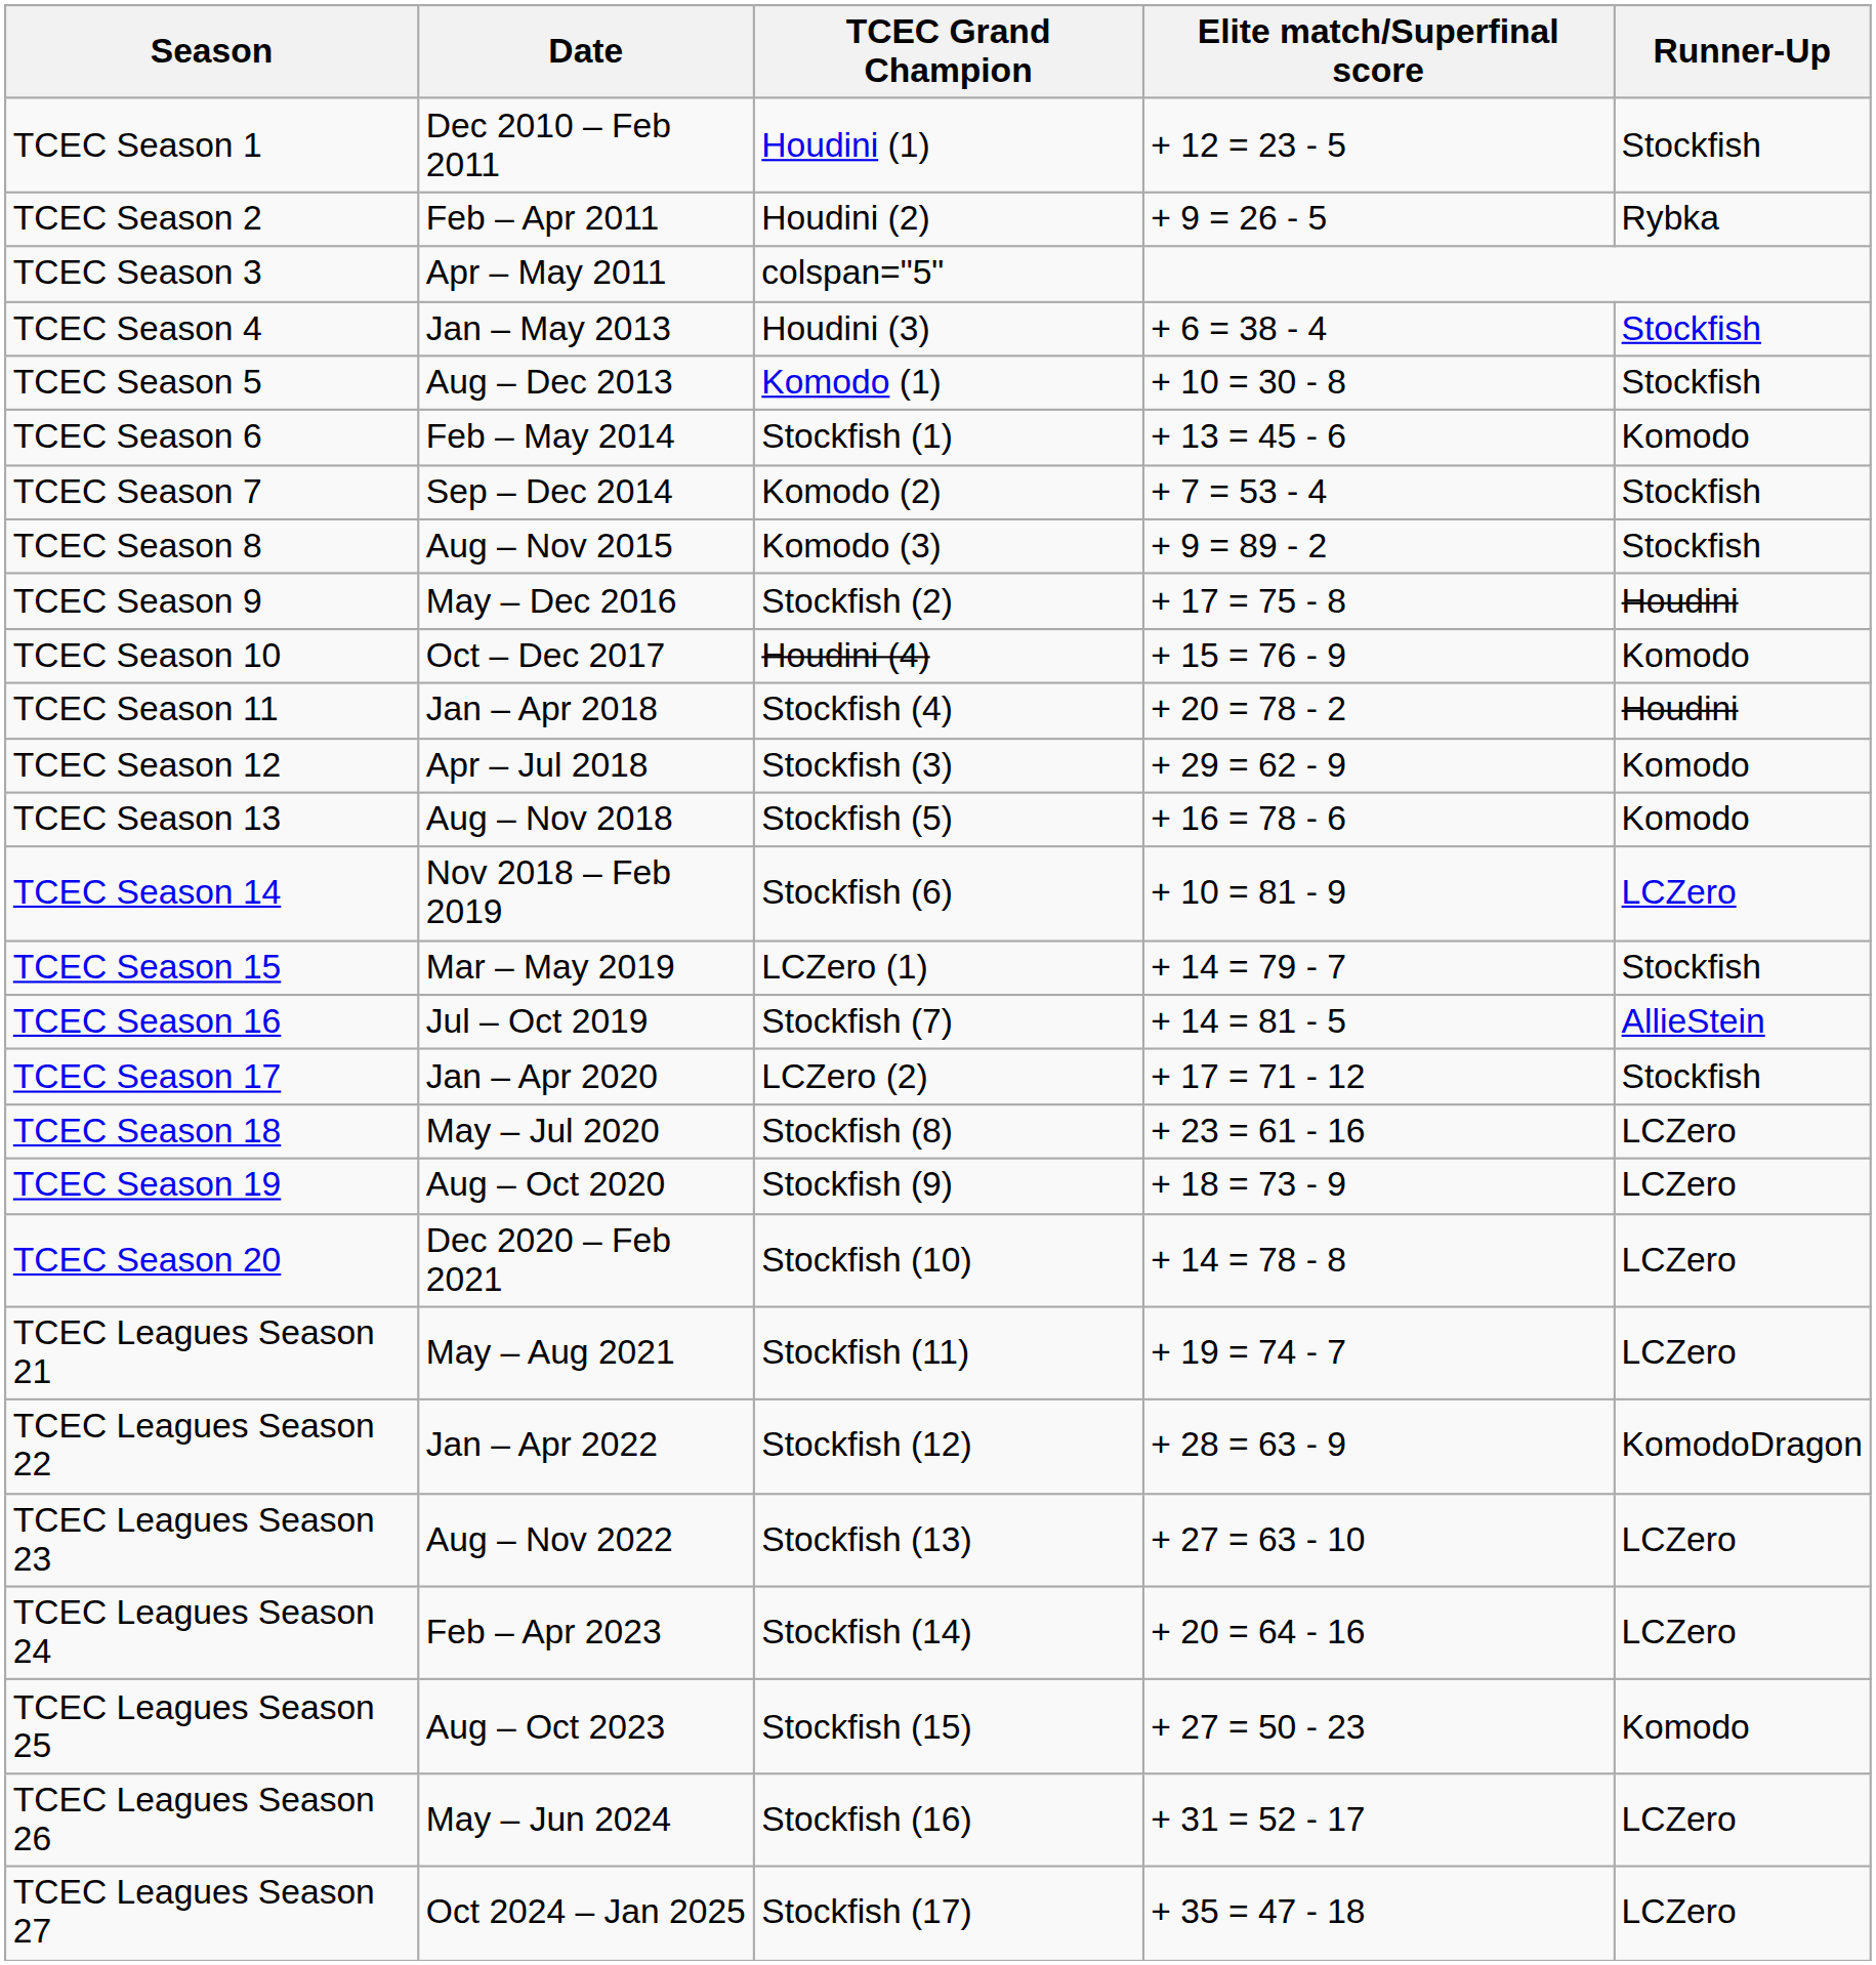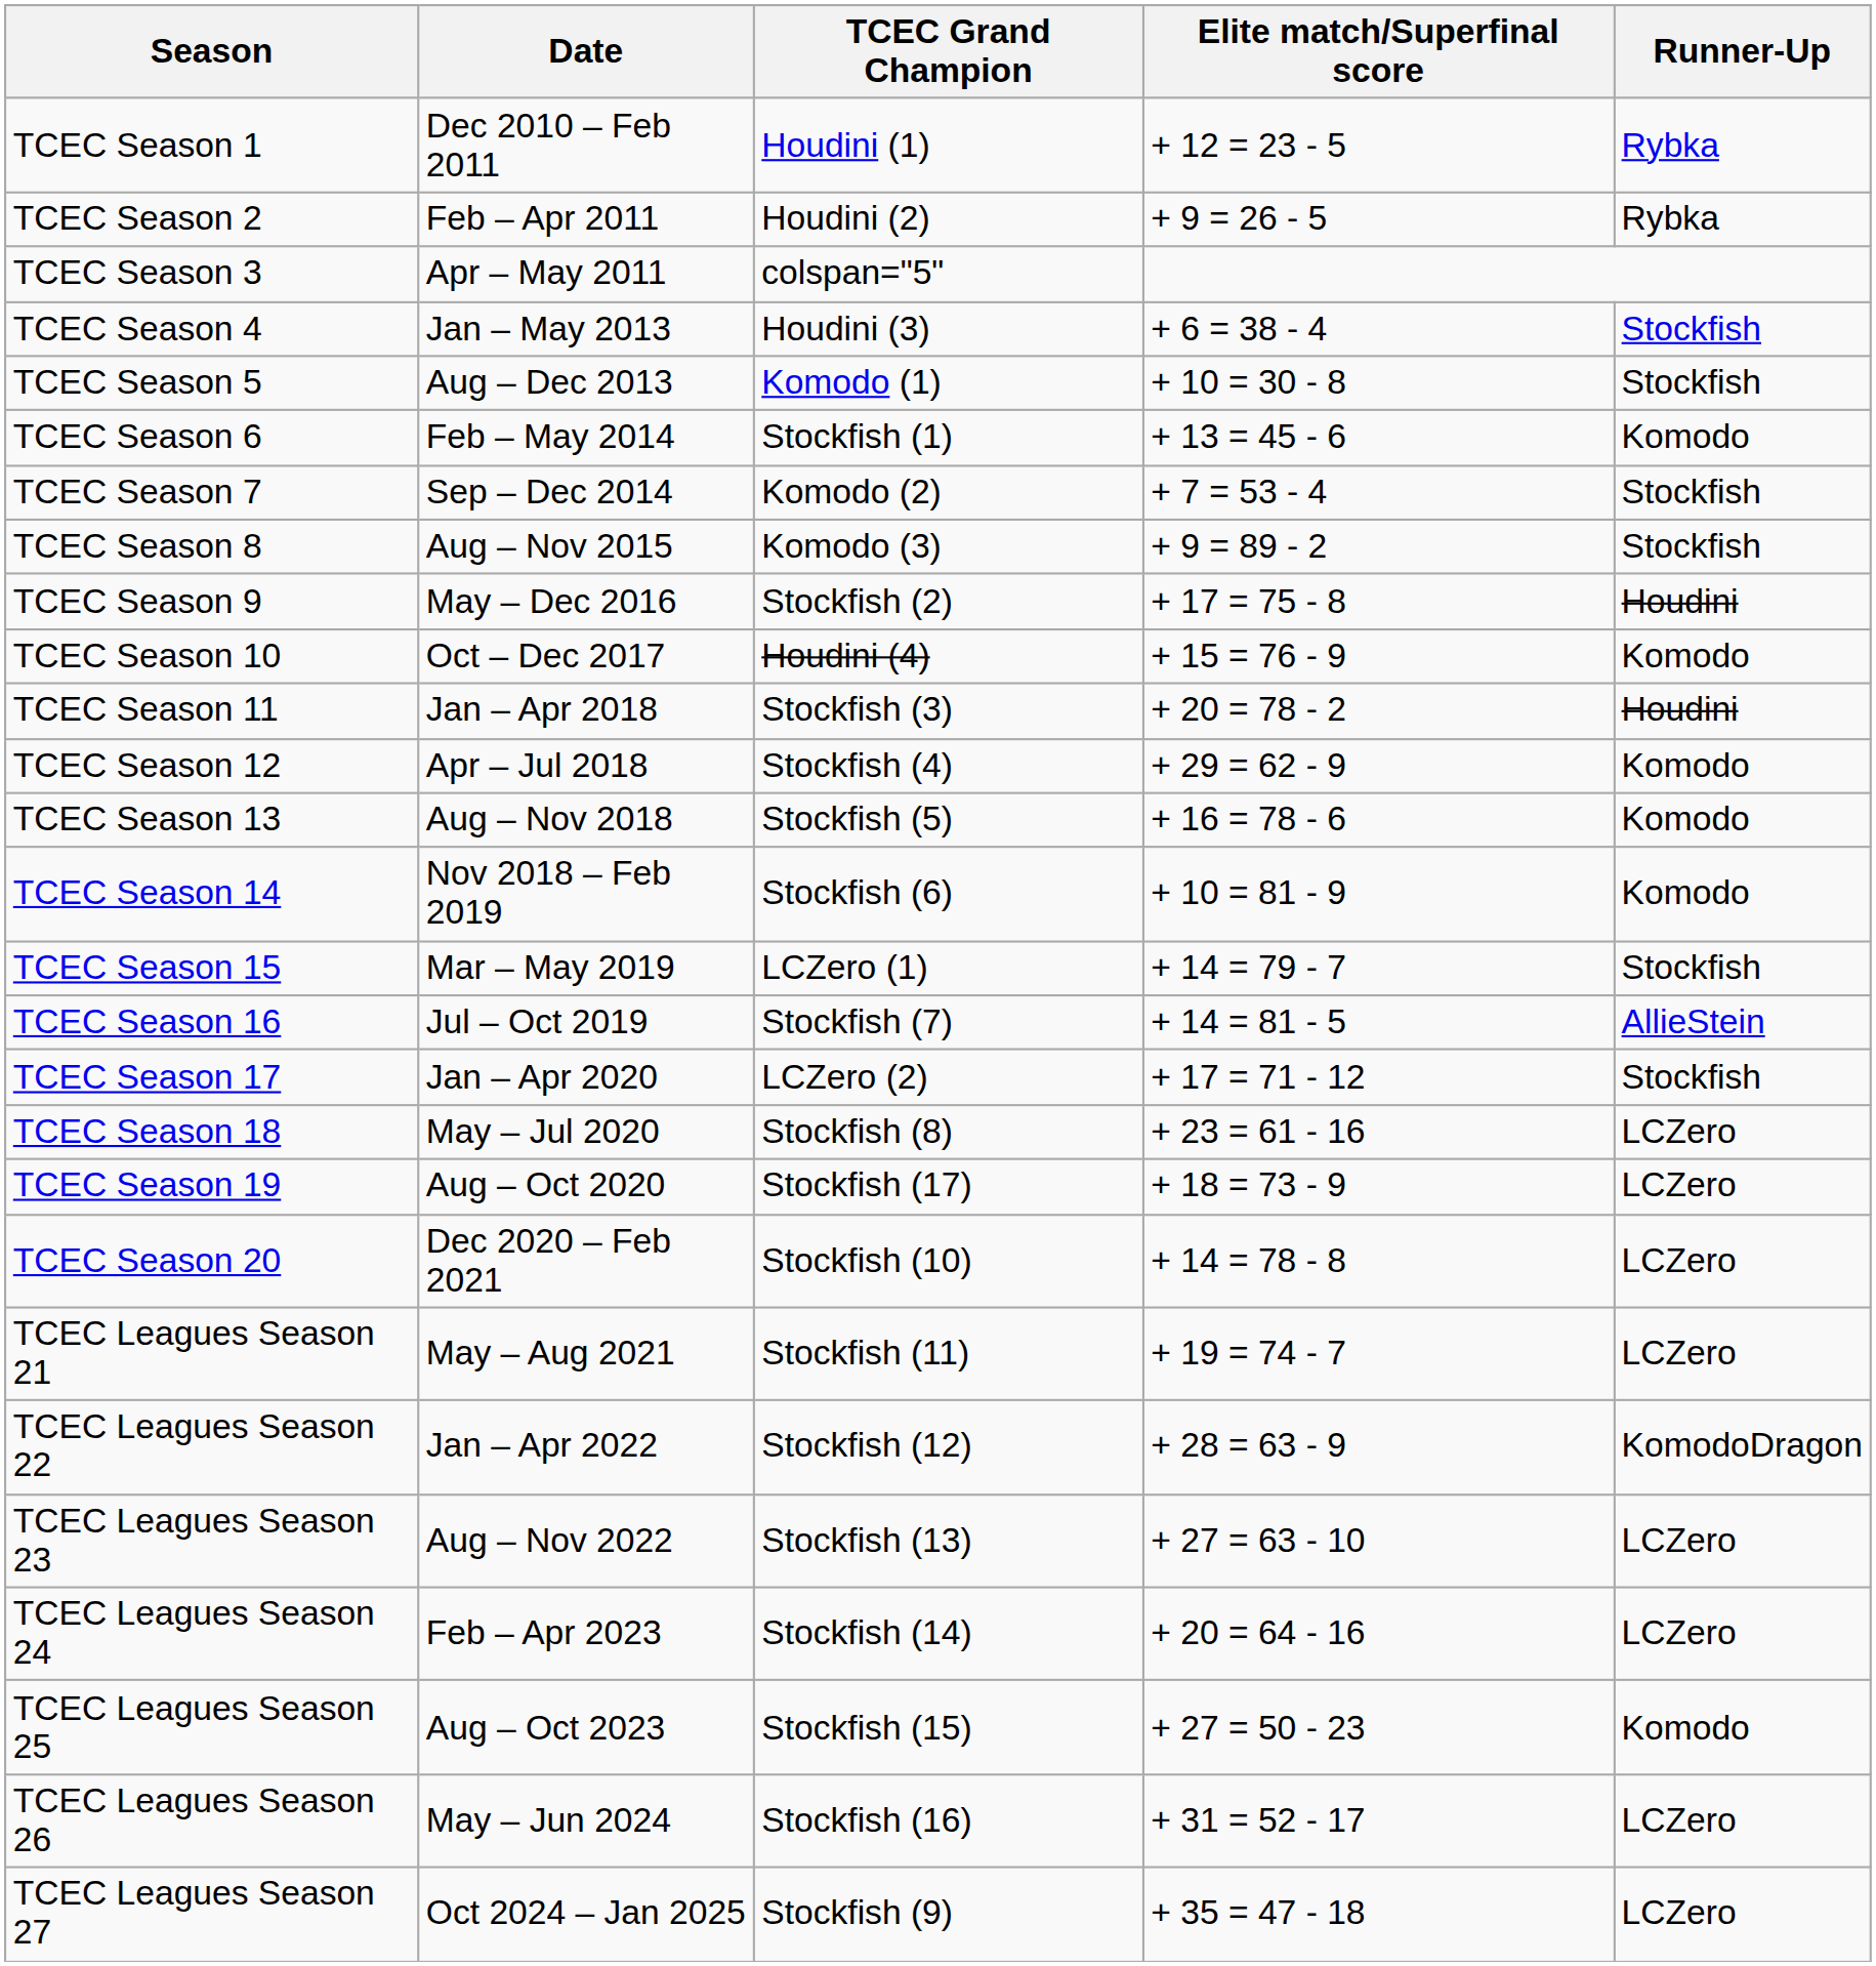 <table class="wikitable sortable">
 <tr>
 <th>Season</th>
 <th>Date</th>
 <th>TCEC Grand Champion</th>
 <th>Elite match/Superfinal score</th>
 <th>Runner-Up</th>
 </tr>
 <tr>
 <td>TCEC Season 1</td>
 <td>Dec 2010 – Feb 2011</td>
 <td><a href='#'>Houdini</a>  (1)</td>
 <td>+ 12 = 23 - 5</td>
-<td>Stockfish </td>
+<td><a href='#'>Rybka</a> </td>
 </tr>
 <tr>
 <td>TCEC Season 2</td>
 <td>Feb – Apr 2011</td>
 <td>Houdini  (2)</td>
 <td>+ 9 = 26 - 5</td>
 <td>Rybka </td>
 </tr>
 <tr>
 <td>TCEC Season 3</td>
 <td>Apr – May 2011</td>
 <td>colspan="5" </td>
 </tr>
 <tr>
 <td>TCEC Season 4</td>
 <td>Jan – May 2013</td>
 <td>Houdini  (3)</td>
 <td>+ 6 = 38 - 4</td>
 <td><a href='#'>Stockfish</a> </td>
 </tr>
 <tr>
 <td>TCEC Season 5</td>
 <td>Aug – Dec 2013</td>
 <td><a href='#'>Komodo</a>  (1)</td>
 <td>+ 10 = 30 - 8</td>
 <td>Stockfish </td>
 </tr>
 <tr>
 <td>TCEC Season 6</td>
 <td>Feb – May 2014</td>
 <td>Stockfish  (1)</td>
 <td>+ 13 = 45 - 6</td>
 <td>Komodo </td>
 </tr>
 <tr>
 <td>TCEC Season 7</td>
 <td>Sep – Dec 2014</td>
 <td>Komodo  (2)</td>
 <td>+ 7 = 53 - 4</td>
 <td>Stockfish </td>
 </tr>
 <tr>
 <td>TCEC Season 8</td>
 <td>Aug – Nov 2015</td>
 <td>Komodo  (3)</td>
 <td>+ 9 = 89 - 2</td>
 <td>Stockfish </td>
 </tr>
 <tr>
 <td>TCEC Season 9</td>
 <td>May – Dec 2016</td>
 <td>Stockfish  (2)</td>
 <td>+ 17 = 75 - 8</td>
 <td><s>Houdini </s></td>
 </tr>
 <tr>
 <td>TCEC Season 10</td>
 <td>Oct – Dec 2017</td>
 <td><s>Houdini  (4)</s></td>
 <td>+ 15 = 76 - 9</td>
 <td>Komodo </td>
 </tr>
 <tr>
 <td>TCEC Season 11</td>
 <td>Jan – Apr 2018</td>
-<td>Stockfish  (4)</td>
+<td>Stockfish  (3)</td>
 <td>+ 20 = 78 - 2</td>
 <td><s>Houdini </s></td>
 </tr>
 <tr>
 <td>TCEC Season 12</td>
 <td>Apr – Jul 2018</td>
-<td>Stockfish  (3)</td>
+<td>Stockfish  (4)</td>
 <td>+ 29 = 62 - 9</td>
 <td>Komodo </td>
 </tr>
 <tr>
 <td>TCEC Season 13</td>
 <td>Aug – Nov 2018</td>
 <td>Stockfish  (5)</td>
 <td>+ 16 = 78 - 6</td>
 <td>Komodo </td>
 </tr>
 <tr>
 <td><a href='#'>TCEC Season 14</a></td>
 <td>Nov 2018 – Feb 2019</td>
 <td>Stockfish  (6)</td>
 <td>+ 10 = 81 - 9</td>
-<td><a href='#'>LCZero</a> </td>
+<td>Komodo </td>
 </tr>
 <tr>
 <td><a href='#'>TCEC Season 15</a></td>
 <td>Mar – May 2019</td>
 <td>LCZero  (1)</td>
 <td>+ 14 = 79 - 7</td>
 <td>Stockfish </td>
 </tr>
 <tr>
 <td><a href='#'>TCEC Season 16</a></td>
 <td>Jul – Oct 2019</td>
 <td>Stockfish  (7)</td>
 <td>+ 14 = 81 - 5</td>
 <td><a href='#'>AllieStein</a> </td>
 </tr>
 <tr>
 <td><a href='#'>TCEC Season 17</a></td>
 <td>Jan – Apr 2020</td>
 <td>LCZero  (2)</td>
 <td>+ 17 = 71 - 12</td>
 <td>Stockfish </td>
 </tr>
 <tr>
 <td><a href='#'>TCEC Season 18</a></td>
 <td>May – Jul 2020</td>
 <td>Stockfish  (8)</td>
 <td>+ 23 = 61 - 16</td>
 <td>LCZero </td>
 </tr>
 <tr>
 <td><a href='#'>TCEC Season 19</a></td>
 <td>Aug – Oct 2020</td>
-<td>Stockfish  (9)</td>
+<td>Stockfish  (17)</td>
 <td>+ 18 = 73 - 9</td>
 <td>LCZero </td>
 </tr>
 <tr>
 <td><a href='#'>TCEC Season 20</a></td>
 <td>Dec 2020 – Feb 2021</td>
 <td>Stockfish  (10)</td>
 <td>+ 14 = 78 - 8</td>
 <td>LCZero </td>
 </tr>
 <tr>
 <td>TCEC Leagues Season 21</td>
 <td>May – Aug 2021</td>
 <td>Stockfish  (11)</td>
 <td>+ 19 = 74 - 7</td>
 <td>LCZero </td>
 </tr>
 <tr>
 <td>TCEC Leagues Season 22</td>
 <td>Jan – Apr 2022</td>
 <td>Stockfish  (12)</td>
 <td>+ 28 = 63 - 9</td>
 <td>KomodoDragon </td>
 </tr>
 <tr>
 <td>TCEC Leagues Season 23</td>
 <td>Aug – Nov 2022</td>
 <td>Stockfish  (13)</td>
 <td>+ 27 = 63 - 10</td>
 <td>LCZero </td>
 </tr>
 <tr>
 <td>TCEC Leagues Season 24</td>
 <td>Feb – Apr 2023</td>
 <td>Stockfish  (14)</td>
 <td>+ 20 = 64 - 16</td>
 <td>LCZero </td>
 </tr>
 <tr>
 <td>TCEC Leagues Season 25</td>
 <td>Aug – Oct 2023</td>
 <td>Stockfish  (15)</td>
 <td>+ 27 = 50 - 23</td>
 <td>Komodo </td>
 </tr>
 <tr>
 <td>TCEC Leagues Season 26</td>
 <td>May – Jun 2024</td>
 <td>Stockfish  (16)</td>
 <td>+ 31 = 52 - 17</td>
 <td>LCZero </td>
 </tr>
 <tr>
 <td>TCEC Leagues Season 27</td>
 <td>Oct 2024 – Jan 2025</td>
-<td>Stockfish  (17)</td>
+<td>Stockfish  (9)</td>
 <td>+ 35 = 47 - 18</td>
 <td>LCZero </td>
 </tr>
 </table>
